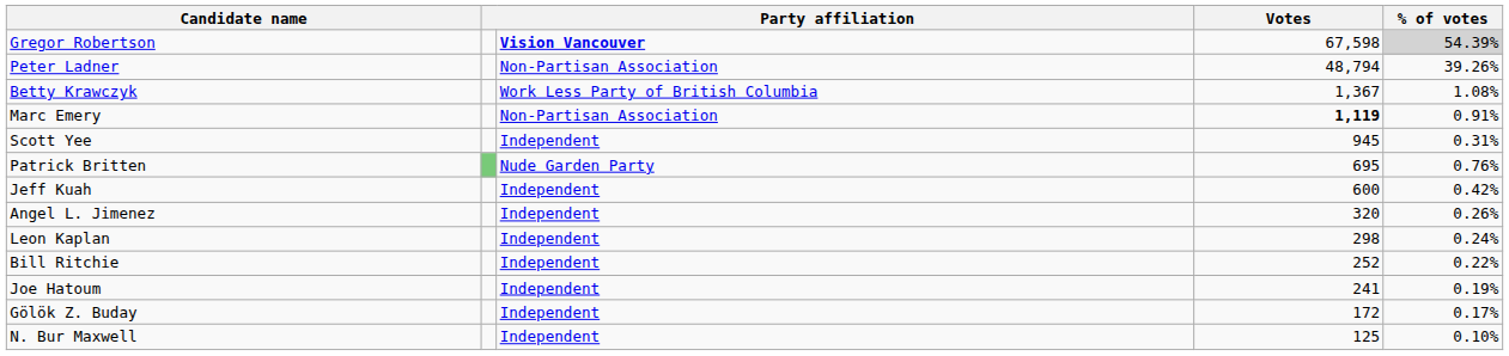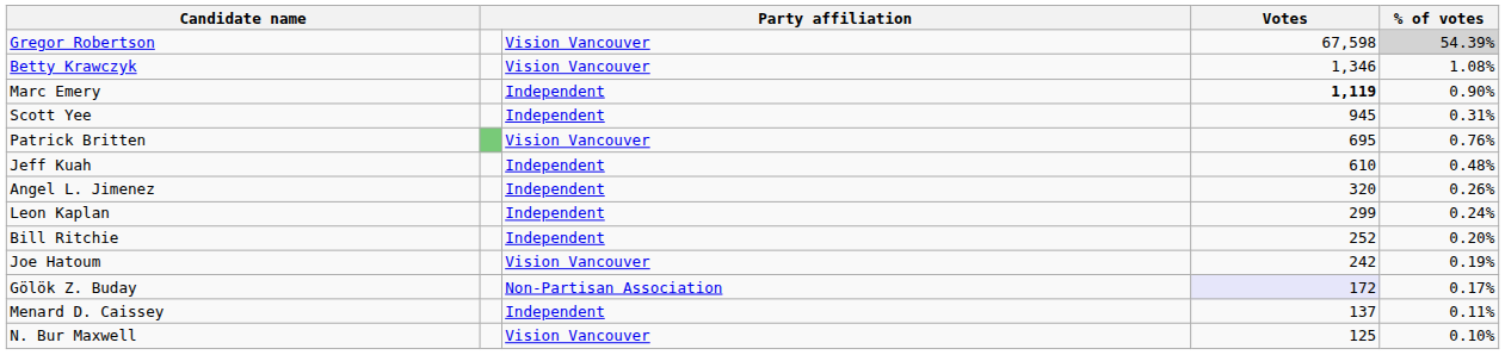 <table class="wikitable sortable" style="margin:5px; width: 65%">
 <tr>
 <th style="width:20%;">Candidate name</th>
 <th style="width:30.05%;" colspan="2">Party affiliation</th>
 <th style="width:8%;">Votes</th>
 <th style="width:5%;">% of votes</th>
 </tr>
 <tr>
 <td data-sort-value="Robertson, Gregor"><a href='#'>Gregor Robertson</a></td>
 <td style="background:"></td>
-<td><strong><a href='#'>Vision Vancouver</a></strong></td>
+<td><a href='#'>Vision Vancouver</a></td>
 <td style="text-align: right;">67,598</td>
 <td style="background: lightgrey; text-align: right;">54.39%</td>
 </tr>
 <tr>
-<td data-sort-value="Ladner, Peter"><a href='#'>Peter Ladner</a></td>
-<td style="background:"></td>
-<td><a href='#'>Non-Partisan Association</a></td>
-<td style="text-align: right;">48,794</td>
-<td style="text-align: right;">39.26%</td>
-</tr>
-<tr>
 <td data-sort-value="Krawczyk, Betty"><a href='#'>Betty Krawczyk</a></td>
 <td style="background:"></td>
-<td><a href='#'>Work Less Party of British Columbia</a></td>
-<td style="text-align: right;">1,367</td>
+<td><a href='#'>Vision Vancouver</a></td>
+<td style="text-align: right;">1,346</td>
 <td style="text-align: right;">1.08%</td>
 </tr>
 <tr>
 <td data-sort-value="Emery, Marc">Marc Emery</td>
 <td style="background:"></td>
-<td><a href='#'>Non-Partisan Association</a></td>
+<td><a href='#'>Independent</a></td>
 <td style="text-align: right;"><strong>1,119</strong></td>
-<td style="text-align: right;">0.91%</td>
+<td style="text-align: right;">0.90%</td>
 </tr>
 <tr>
 <td data-sort-value="Yee, Scott">Scott Yee</td>
 <td style="background:"></td>
 <td><a href='#'>Independent</a></td>
 <td style="text-align: right;">945</td>
 <td style="text-align: right;">0.31%</td>
 </tr>
 <tr>
 <td data-sort-value="Britten, Patrick">Patrick Britten</td>
 <td style="background:#78CA78;"></td>
-<td><a href='#'>Nude Garden Party</a></td>
+<td><a href='#'>Vision Vancouver</a></td>
 <td style="text-align: right;">695</td>
 <td style="text-align: right;">0.76%</td>
 </tr>
 <tr>
 <td data-sort-value="Kuah, Jeff">Jeff Kuah</td>
 <td style="background:"></td>
 <td><a href='#'>Independent</a></td>
-<td style="text-align: right;">600</td>
-<td style="text-align: right;">0.42%</td>
+<td style="text-align: right;">610</td>
+<td style="text-align: right;">0.48%</td>
 </tr>
 <tr>
 <td data-sort-value="Jimenez, Angel L.">Angel L. Jimenez</td>
 <td style="background:"></td>
 <td><a href='#'>Independent</a></td>
 <td style="text-align: right;">320</td>
 <td style="text-align: right;">0.26%</td>
 </tr>
 <tr>
 <td data-sort-value="Kaplan, Leon">Leon Kaplan</td>
 <td style="background:"></td>
 <td><a href='#'>Independent</a></td>
-<td style="text-align: right;">298</td>
+<td style="text-align: right;">299</td>
 <td style="text-align: right;">0.24%</td>
 </tr>
 <tr>
 <td data-sort-value="Ritchie, Bill">Bill Ritchie</td>
 <td style="background:"></td>
 <td><a href='#'>Independent</a></td>
 <td style="text-align: right;">252</td>
-<td style="text-align: right;">0.22%</td>
+<td style="text-align: right;">0.20%</td>
 </tr>
 <tr>
 <td data-sort-value="Hatoum, Joe">Joe Hatoum</td>
 <td style="background:"></td>
-<td><a href='#'>Independent</a></td>
-<td style="text-align: right;">241</td>
+<td><a href='#'>Vision Vancouver</a></td>
+<td style="text-align: right;">242</td>
 <td style="text-align: right;">0.19%</td>
 </tr>
 <tr>
 <td data-sort-value="Buday, Gölök Z.">Gölök Z. Buday</td>
 <td style="background:"></td>
+<td><a href='#'>Non-Partisan Association</a></td>
+<td style="background: lavender; text-align: right;">172</td>
+<td style="text-align: right;">0.17%</td>
+</tr>
+<tr>
+<td data-sort-value="Caissey, Menard D.">Menard D. Caissey</td>
+<td style="background:"></td>
 <td><a href='#'>Independent</a></td>
-<td style="text-align: right;">172</td>
-<td style="text-align: right;">0.17%</td>
+<td style="text-align: right;">137</td>
+<td style="text-align: right;">0.11%</td>
 </tr>
 <tr>
 <td data-sort-value="Maxwell, N. Bur">N. Bur Maxwell</td>
 <td style="background:"></td>
-<td><a href='#'>Independent</a></td>
+<td><a href='#'>Vision Vancouver</a></td>
 <td style="text-align: right;">125</td>
 <td style="text-align: right;">0.10%</td>
 </tr>
 </table>
